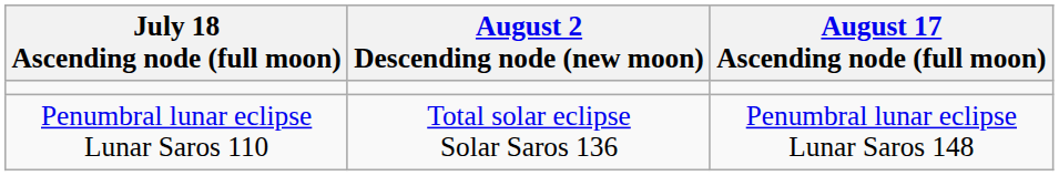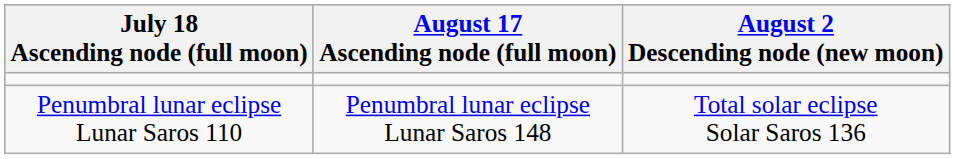 <table class="wikitable">
 <tr>
 <th>July 18<br>Ascending node (full moon)<br></th>
+<th><a href='#'>August 17</a><br>Ascending node (full moon)<br></th>
 <th><a href='#'>August 2</a><br>Descending node (new moon)<br></th>
-<th><a href='#'>August 17</a><br>Ascending node (full moon)<br></th>
 </tr>
 <tr>
 <td></td>
 <td></td>
 <td></td>
 </tr>
 <tr align=center>
 <td><a href='#'>Penumbral lunar eclipse</a><br>Lunar Saros 110</td>
+<td><a href='#'>Penumbral lunar eclipse</a><br>Lunar Saros 148</td>
 <td><a href='#'>Total solar eclipse</a><br>Solar Saros 136</td>
-<td><a href='#'>Penumbral lunar eclipse</a><br>Lunar Saros 148</td>
 </tr>
 </table>
